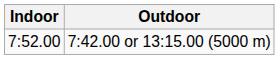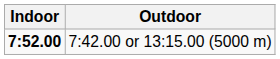 <table class="wikitable" border="1" align="upright">
 <tr>
 <th>Indoor</th>
 <th>Outdoor</th>
 </tr>
 <tr>
-<td>7:52.00</td>
+<td><strong>7:52.00</strong></td>
 <td>7:42.00 or 13:15.00 (5000 m)</td>
 </tr>
 </table>
